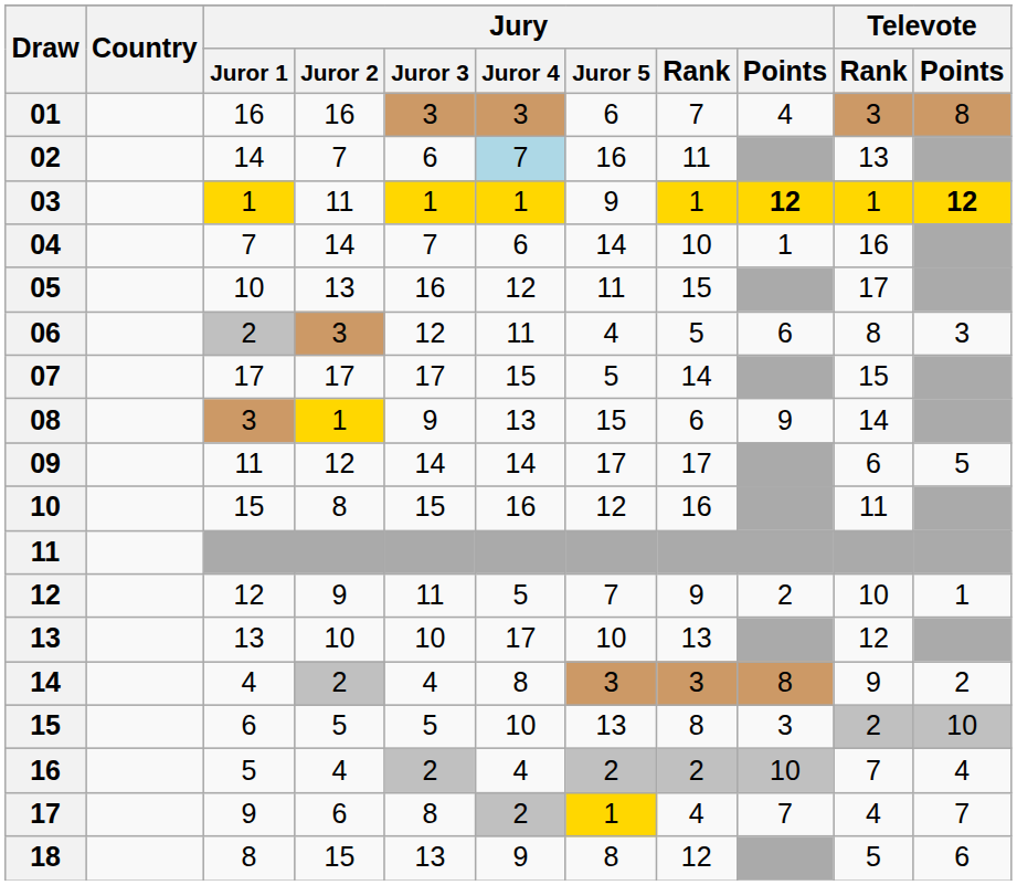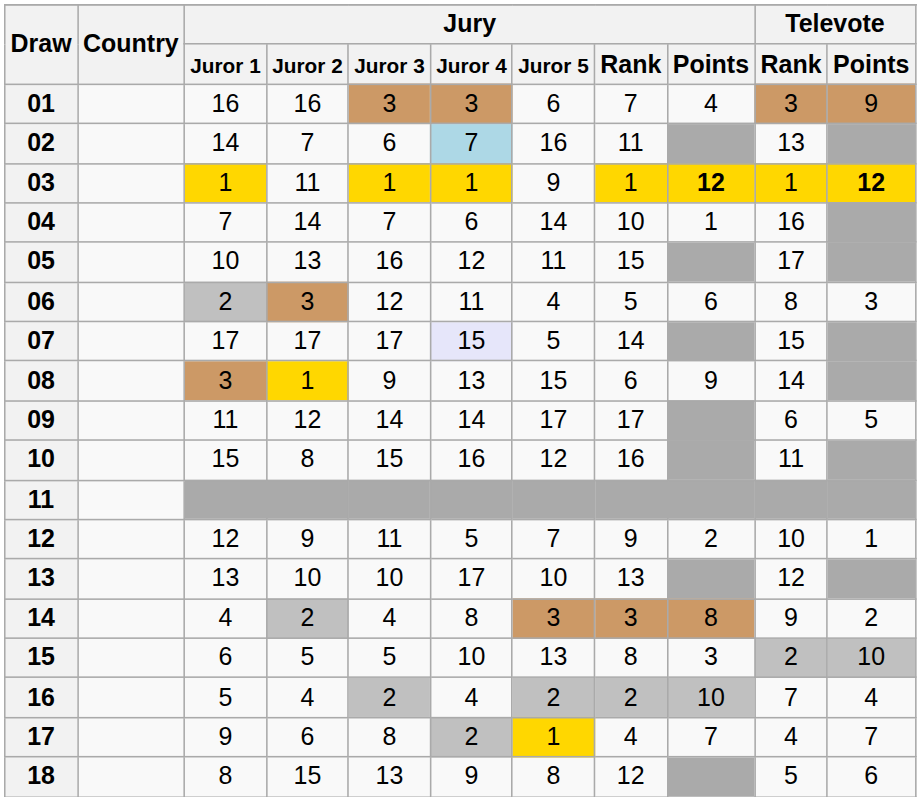 <table class="sortable wikitable collapsible plainrowheaders" style="text-align:center;">
 <tr>
 </tr>
 <tr>
 <th scope="col" rowspan="2">Draw</th>
 <th scope="col" rowspan="2">Country</th>
 <th scope="col" colspan="7">Jury</th>
 <th scope="col" colspan="2">Televote</th>
 </tr>
 <tr>
 <th scope="col"><small>Juror 1</small></th>
 <th scope="col"><small>Juror 2</small></th>
 <th scope="col"><small>Juror 3</small></th>
 <th scope="col"><small>Juror 4</small></th>
 <th scope="col"><small>Juror 5</small></th>
 <th scope="col">Rank</th>
 <th scope="col">Points</th>
 <th scope="col">Rank</th>
 <th scope="col">Points</th>
 </tr>
 <tr>
 <th scope="row" style="text-align:center;">01</th>
 <td style="text-align:left;"></td>
 <td>16</td>
 <td>16</td>
 <td style="background:#CC9966;">3</td>
 <td style="background:#CC9966;">3</td>
 <td>6</td>
 <td>7</td>
 <td>4</td>
 <td style="background:#CC9966;">3</td>
-<td style="background:#CC9966;">8</td>
+<td style="background:#CC9966;">9</td>
 </tr>
 <tr>
 <th scope="row" style="text-align:center;">02</th>
 <td style="text-align:left;"></td>
 <td>14</td>
 <td>7</td>
 <td>6</td>
 <td style="background: lightblue;">7</td>
 <td>16</td>
 <td>11</td>
 <td style="background:#AAAAAA;"></td>
 <td>13</td>
 <td style="background:#AAAAAA;"></td>
 </tr>
 <tr>
 <th scope="row" style="text-align:center;">03</th>
 <td style="text-align:left;"></td>
 <td style="background:gold;">1</td>
 <td>11</td>
 <td style="background:gold;">1</td>
 <td style="background:gold;">1</td>
 <td>9</td>
 <td style="background:gold;">1</td>
 <td style="background:gold;"><strong>12</strong></td>
 <td style="background:gold;">1</td>
 <td style="background:gold;"><strong>12</strong></td>
 </tr>
 <tr>
 <th scope="row" style="text-align:center;">04</th>
 <td style="text-align:left;"></td>
 <td>7</td>
 <td>14</td>
 <td>7</td>
 <td>6</td>
 <td>14</td>
 <td>10</td>
 <td>1</td>
 <td>16</td>
 <td style="background:#AAAAAA;"></td>
 </tr>
 <tr>
 <th scope="row" style="text-align:center;">05</th>
 <td style="text-align:left;"></td>
 <td>10</td>
 <td>13</td>
 <td>16</td>
 <td>12</td>
 <td>11</td>
 <td>15</td>
 <td style="background:#AAAAAA;"></td>
 <td>17</td>
 <td style="background:#AAAAAA;"></td>
 </tr>
 <tr>
 <th scope="row" style="text-align:center;">06</th>
 <td style="text-align:left;"></td>
 <td style="background:silver;">2</td>
 <td style="background:#CC9966;">3</td>
 <td>12</td>
 <td>11</td>
 <td>4</td>
 <td>5</td>
 <td>6</td>
 <td>8</td>
 <td>3</td>
 </tr>
 <tr>
 <th scope="row" style="text-align:center;">07</th>
 <td style="text-align:left;"></td>
 <td>17</td>
 <td>17</td>
 <td>17</td>
-<td>15</td>
+<td style="background: lavender;">15</td>
 <td>5</td>
 <td>14</td>
 <td style="background:#AAAAAA;"></td>
 <td>15</td>
 <td style="background:#AAAAAA;"></td>
 </tr>
 <tr>
 <th scope="row" style="text-align:center;">08</th>
 <td style="text-align:left;"></td>
 <td style="background:#CC9966;">3</td>
 <td style="background:gold;">1</td>
 <td>9</td>
 <td>13</td>
 <td>15</td>
 <td>6</td>
 <td>9</td>
 <td>14</td>
 <td style="background:#AAAAAA;"></td>
 </tr>
 <tr>
 <th scope="row" style="text-align:center;">09</th>
 <td style="text-align:left;"></td>
 <td>11</td>
 <td>12</td>
 <td>14</td>
 <td>14</td>
 <td>17</td>
 <td>17</td>
 <td style="background:#AAAAAA;"></td>
 <td>6</td>
 <td>5</td>
 </tr>
 <tr>
 <th scope="row" style="text-align:center;">10</th>
 <td style="text-align:left;"></td>
 <td>15</td>
 <td>8</td>
 <td>15</td>
 <td>16</td>
 <td>12</td>
 <td>16</td>
 <td style="background:#AAAAAA;"></td>
 <td>11</td>
 <td style="background:#AAAAAA;"></td>
 </tr>
 <tr class="sortbottom">
 <th scope="row" style="text-align:center;">11</th>
 <td style="text-align:left;"></td>
 <td style="background:#AAAAAA;"></td>
 <td style="background:#AAAAAA;"></td>
 <td style="background:#AAAAAA;"></td>
 <td style="background:#AAAAAA;"></td>
 <td style="background:#AAAAAA;"></td>
 <td style="background:#AAAAAA;"></td>
 <td style="background:#AAAAAA;"></td>
 <td style="background:#AAAAAA;"></td>
 <td style="background:#AAAAAA;"></td>
 </tr>
 <tr>
 <th scope="row" style="text-align:center;">12</th>
 <td style="text-align:left;"></td>
 <td>12</td>
 <td>9</td>
 <td>11</td>
 <td>5</td>
 <td>7</td>
 <td>9</td>
 <td>2</td>
 <td>10</td>
 <td>1</td>
 </tr>
 <tr>
 <th scope="row" style="text-align:center;">13</th>
 <td style="text-align:left;"></td>
 <td>13</td>
 <td>10</td>
 <td>10</td>
 <td>17</td>
 <td>10</td>
 <td>13</td>
 <td style="background:#AAAAAA;"></td>
 <td>12</td>
 <td style="background:#AAAAAA;"></td>
 </tr>
 <tr>
 <th scope="row" style="text-align:center;">14</th>
 <td style="text-align:left;"></td>
 <td>4</td>
 <td style="background:silver;">2</td>
 <td>4</td>
 <td>8</td>
 <td style="background:#CC9966;">3</td>
 <td style="background:#CC9966;">3</td>
 <td style="background:#CC9966;">8</td>
 <td>9</td>
 <td>2</td>
 </tr>
 <tr>
 <th scope="row" style="text-align:center;">15</th>
 <td style="text-align:left;"></td>
 <td>6</td>
 <td>5</td>
 <td>5</td>
 <td>10</td>
 <td>13</td>
 <td>8</td>
 <td>3</td>
 <td style="background:silver;">2</td>
 <td style="background:silver;">10</td>
 </tr>
 <tr>
 <th scope="row" style="text-align:center;">16</th>
 <td style="text-align:left;"></td>
 <td>5</td>
 <td>4</td>
 <td style="background:silver;">2</td>
 <td>4</td>
 <td style="background:silver;">2</td>
 <td style="background:silver;">2</td>
 <td style="background:silver;">10</td>
 <td>7</td>
 <td>4</td>
 </tr>
 <tr>
 <th scope="row" style="text-align:center;">17</th>
 <td style="text-align:left;"></td>
 <td>9</td>
 <td>6</td>
 <td>8</td>
 <td style="background:silver;">2</td>
 <td style="background:gold;">1</td>
 <td>4</td>
 <td>7</td>
 <td>4</td>
 <td>7</td>
 </tr>
 <tr>
 <th scope="row" style="text-align:center;">18</th>
 <td style="text-align:left;"></td>
 <td>8</td>
 <td>15</td>
 <td>13</td>
 <td>9</td>
 <td>8</td>
 <td>12</td>
 <td style="background:#AAAAAA;"></td>
 <td>5</td>
 <td>6</td>
 </tr>
 </table>
